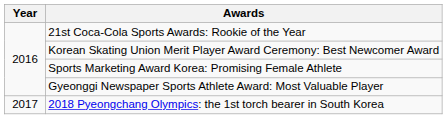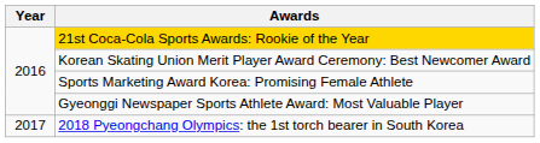 <table class="wikitable">
 <tr>
 <th width="50px">Year</th>
 <th>Awards</th>
 </tr>
 <tr>
 <td rowspan=4 style="text-align:center">2016</td>
-<td>21st Coca-Cola Sports Awards: Rookie of the Year</td>
+<td style="background: gold;">21st Coca-Cola Sports Awards: Rookie of the Year</td>
 </tr>
 <tr>
 <td>Korean Skating Union Merit Player Award Ceremony: Best Newcomer Award</td>
 </tr>
 <tr>
 <td>Sports Marketing Award Korea: Promising Female Athlete</td>
 </tr>
 <tr>
 <td>Gyeonggi Newspaper Sports Athlete Award:  Most Valuable Player</td>
 </tr>
 <tr>
 <td style="text-align:center">2017</td>
 <td><a href='#'>2018 Pyeongchang Olympics</a>: the 1st torch bearer in South Korea</td>
 </tr>
 </table>
